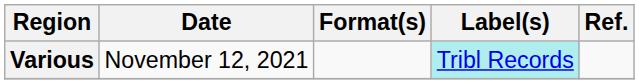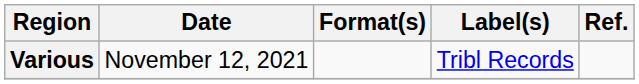 <table class="wikitable plainrowheaders">
 <tr>
 <th scope="col">Region</th>
 <th scope="col">Date</th>
 <th scope="col">Format(s)</th>
 <th scope="col">Label(s)</th>
 <th scope="col">Ref.</th>
 </tr>
 <tr>
 <th scope="row">Various</th>
 <td>November 12, 2021</td>
 <td></td>
-<td style="background: paleturquoise;"><a href='#'>Tribl Records</a></td>
+<td><a href='#'>Tribl Records</a></td>
 <td></td>
 </tr>
 <tr>
 </tr>
 </table>
